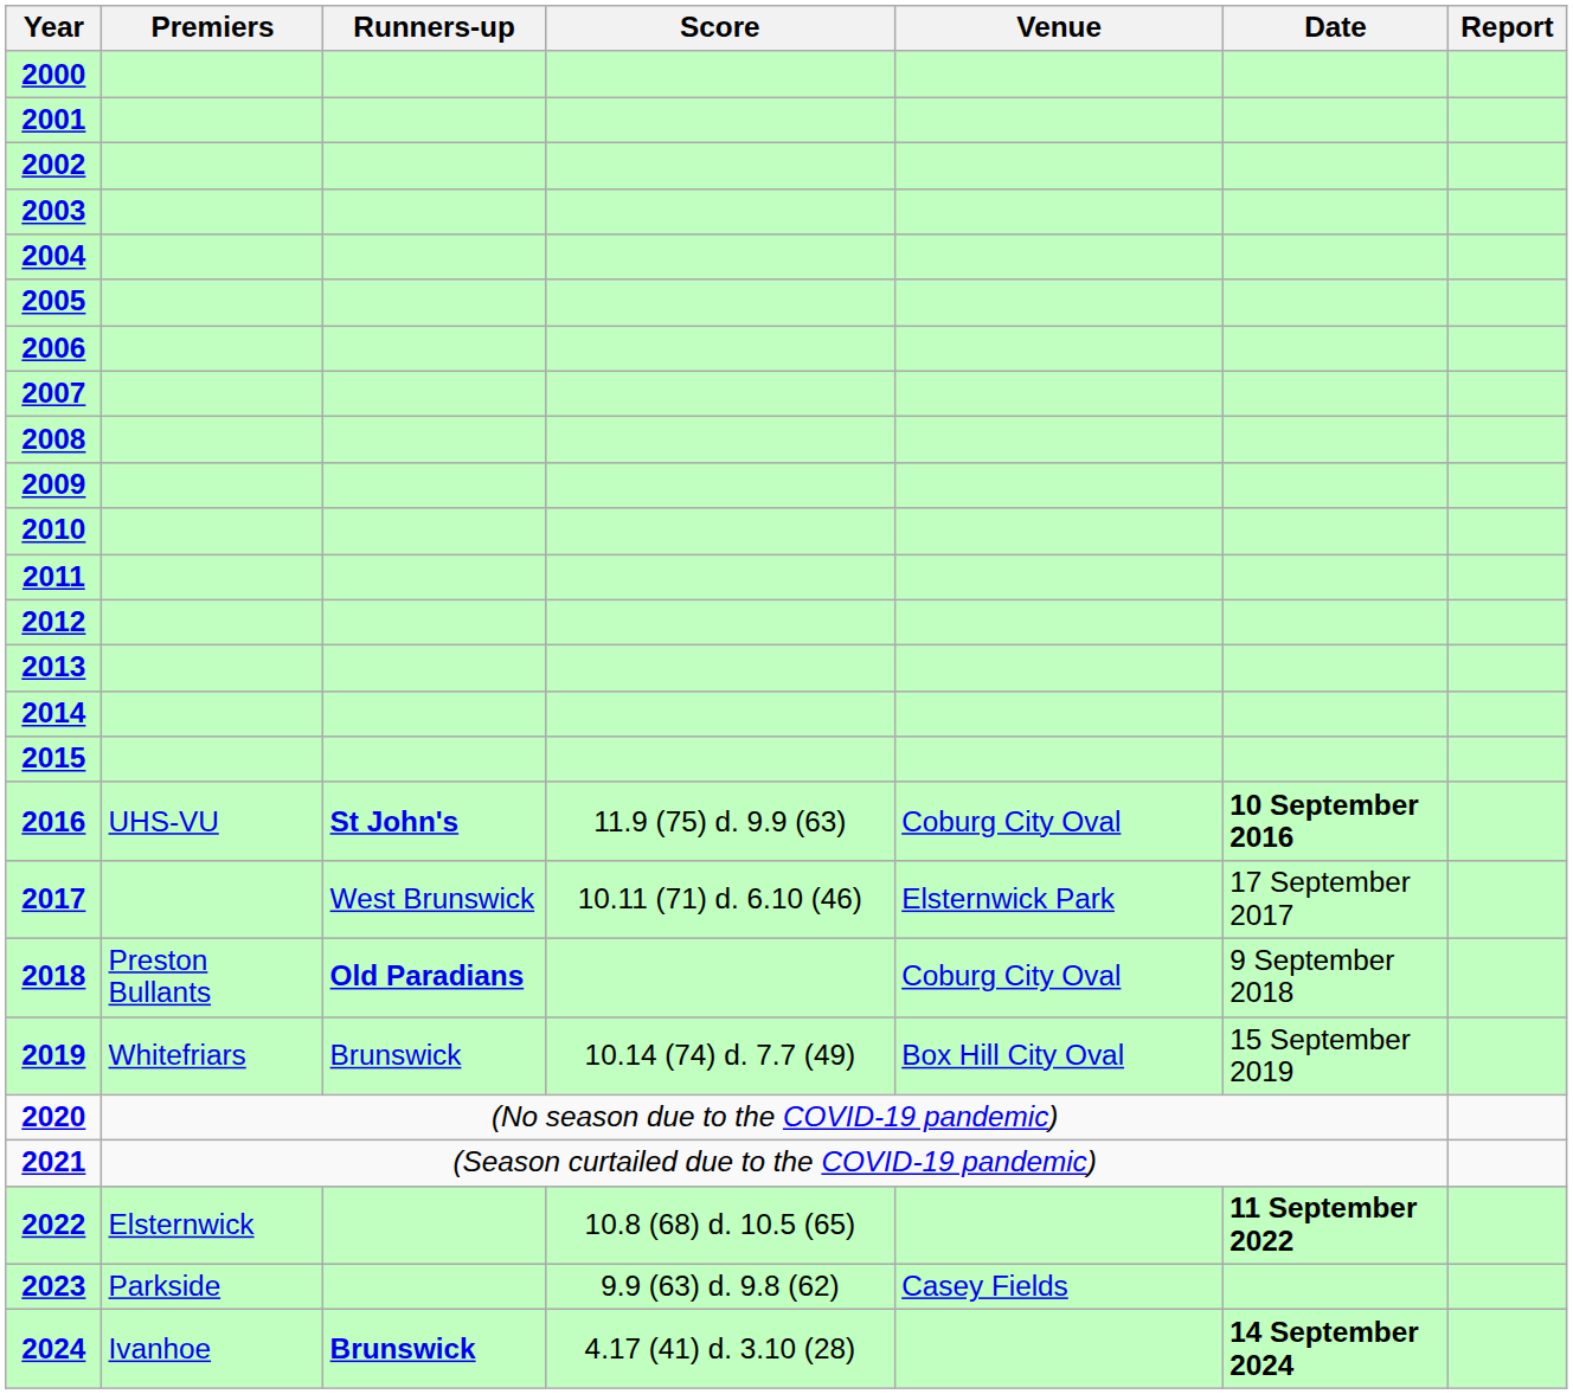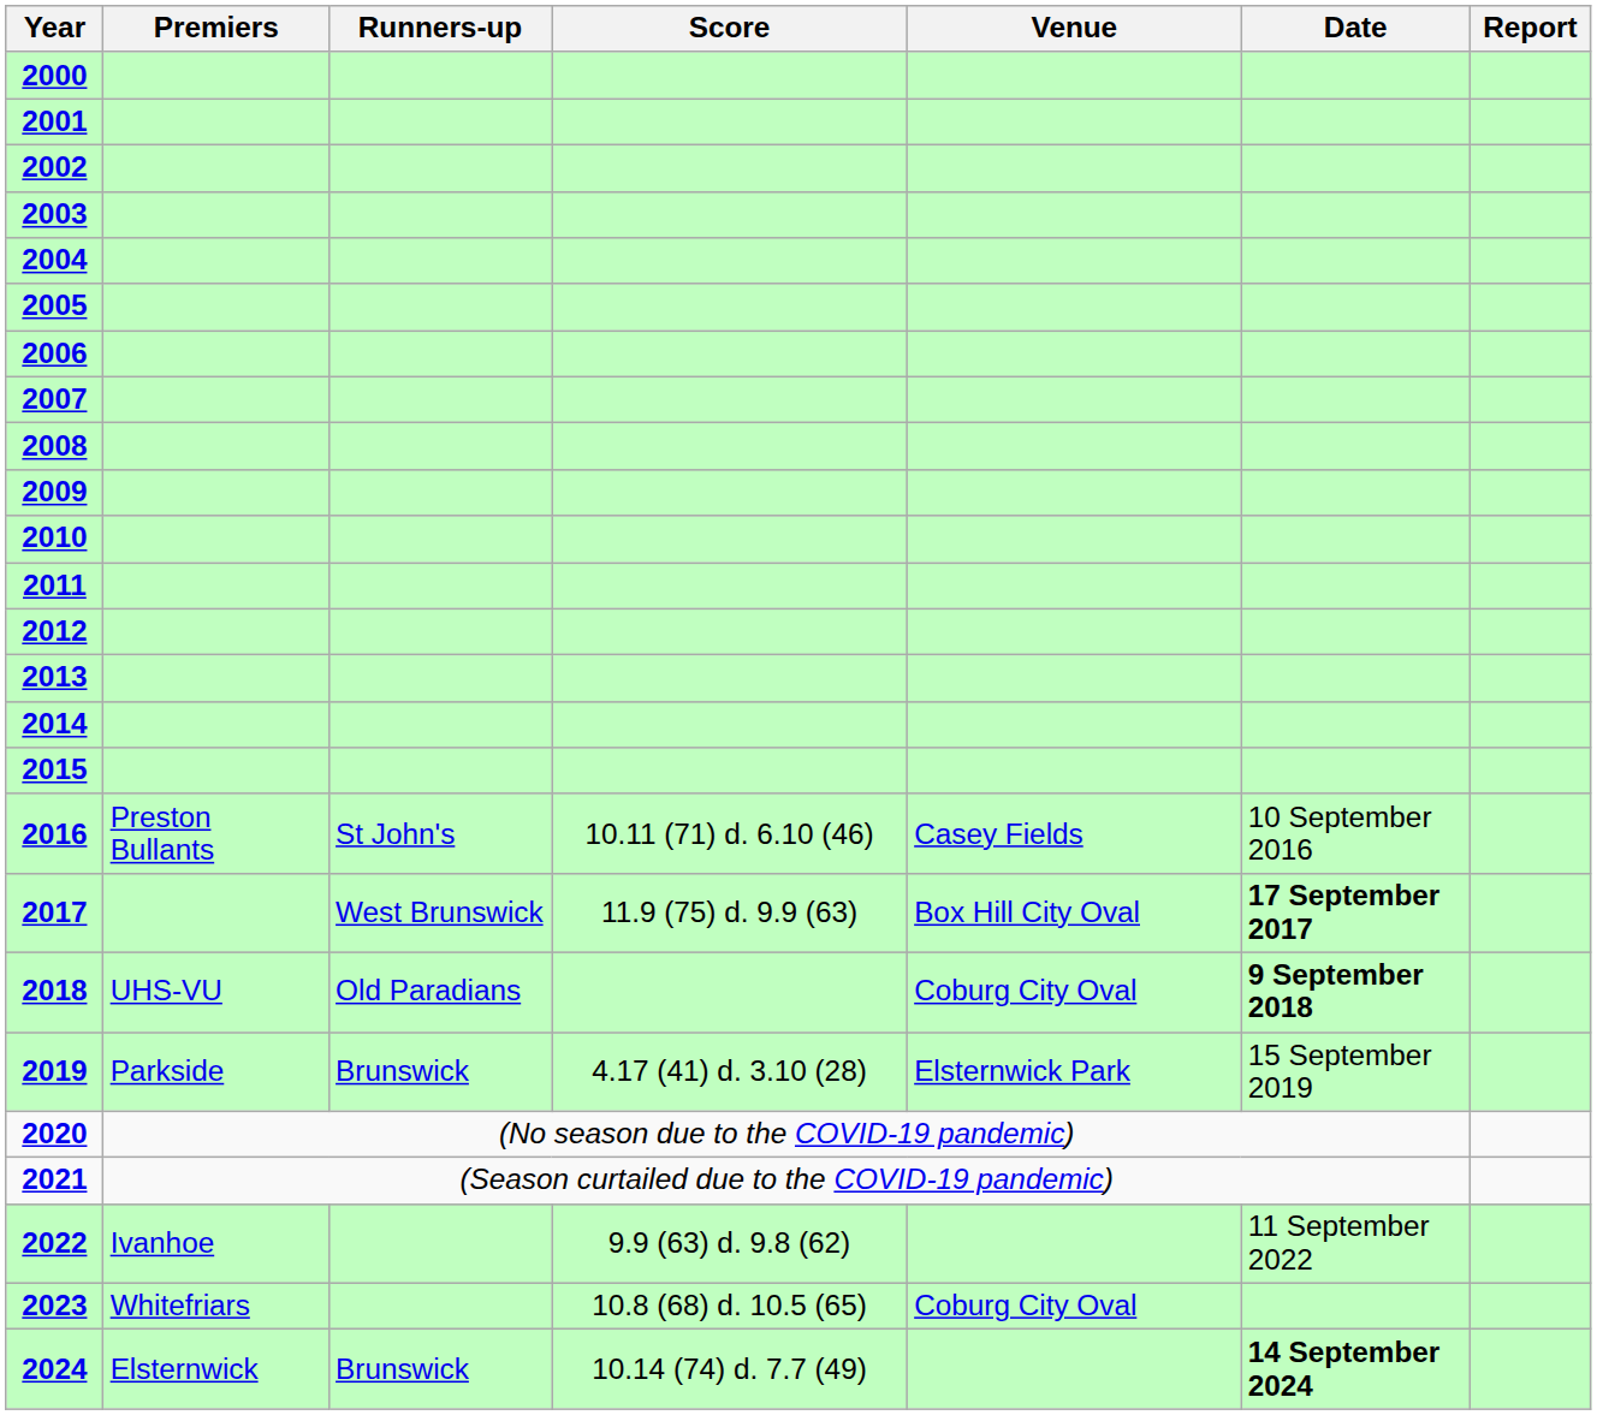 <table class="wikitable sortable" style="text-align:left; text-valign:center">
 <tr>
 <th width=3%>Year</th>
 <th width=10%>Premiers</th>
 <th width=10%>Runners-up</th>
 <th width=16%>Score</th>
 <th width=15%>Venue</th>
 <th width=10%; class=unsortable>Date</th>
 <th width=2%; class=unsortable>Report</th>
 </tr>
 <tr style="background:#C0FFC0;">
 <td align=center><strong><a href='#'>2000</a></strong></td>
 <td></td>
 <td></td>
 <td align=center></td>
 <td></td>
 <td></td>
 <td align=center></td>
 </tr>
 <tr style="background:#C0FFC0;">
 <td align=center><strong><a href='#'>2001</a></strong></td>
 <td></td>
 <td></td>
 <td align=center></td>
 <td></td>
 <td></td>
 <td align=center></td>
 </tr>
 <tr style="background:#C0FFC0;">
 <td align=center><strong><a href='#'>2002</a></strong></td>
 <td></td>
 <td></td>
 <td align=center></td>
 <td></td>
 <td></td>
 <td align=center></td>
 </tr>
 <tr style="background:#C0FFC0;">
 <td align=center><strong><a href='#'>2003</a></strong></td>
 <td></td>
 <td></td>
 <td align=center></td>
 <td></td>
 <td></td>
 <td align=center></td>
 </tr>
 <tr style="background:#C0FFC0;">
 <td align=center><strong><a href='#'>2004</a></strong></td>
 <td></td>
 <td></td>
 <td align=center></td>
 <td></td>
 <td></td>
 <td align=center></td>
 </tr>
 <tr style="background:#C0FFC0;">
 <td align=center><strong><a href='#'>2005</a></strong></td>
 <td></td>
 <td></td>
 <td align=center></td>
 <td></td>
 <td></td>
 <td align=center></td>
 </tr>
 <tr style="background:#C0FFC0;">
 <td align=center><strong><a href='#'>2006</a></strong></td>
 <td></td>
 <td></td>
 <td align=center></td>
 <td></td>
 <td></td>
 <td align=center></td>
 </tr>
 <tr style="background:#C0FFC0;">
 <td align=center><strong><a href='#'>2007</a></strong></td>
 <td></td>
 <td></td>
 <td align=center></td>
 <td></td>
 <td></td>
 <td align=center></td>
 </tr>
 <tr style="background:#C0FFC0;">
 <td align=center><strong><a href='#'>2008</a></strong></td>
 <td></td>
 <td></td>
 <td align=center></td>
 <td></td>
 <td></td>
 <td align=center></td>
 </tr>
 <tr style="background:#C0FFC0;">
 <td align=center><strong><a href='#'>2009</a></strong></td>
 <td></td>
 <td></td>
 <td align=center></td>
 <td></td>
 <td></td>
 <td align=center></td>
 </tr>
 <tr style="background:#C0FFC0;">
 <td align=center><strong><a href='#'>2010</a></strong></td>
 <td></td>
 <td></td>
 <td align=center></td>
 <td></td>
 <td></td>
 <td align=center></td>
 </tr>
 <tr style="background:#C0FFC0;">
 <td align=center><strong><a href='#'>2011</a></strong></td>
 <td></td>
 <td></td>
 <td align=center></td>
 <td></td>
 <td></td>
 <td align=center></td>
 </tr>
 <tr style="background:#C0FFC0;">
 <td align=center><strong><a href='#'>2012</a></strong></td>
 <td></td>
 <td></td>
 <td align=center></td>
 <td></td>
 <td></td>
 <td align=center></td>
 </tr>
 <tr style="background:#C0FFC0;">
 <td align=center><strong><a href='#'>2013</a></strong></td>
 <td></td>
 <td></td>
 <td align=center></td>
 <td></td>
 <td></td>
 <td align=center></td>
 </tr>
 <tr style="background:#C0FFC0;">
 <td align=center><strong><a href='#'>2014</a></strong></td>
 <td></td>
 <td></td>
 <td align=center></td>
 <td></td>
 <td></td>
 <td align=center></td>
 </tr>
 <tr style="background:#C0FFC0;">
 <td align=center><strong><a href='#'>2015</a></strong></td>
 <td></td>
 <td></td>
 <td align=center></td>
 <td></td>
 <td></td>
 <td align=center></td>
 </tr>
 <tr style="background:#C0FFC0;">
 <td align=center><strong><a href='#'>2016</a></strong></td>
-<td><a href='#'>UHS-VU</a></td>
-<td><strong><a href='#'>St John's</a></strong></td>
-<td align=center>11.9 (75) d. 9.9 (63)</td>
-<td><a href='#'>Coburg City Oval</a></td>
-<td><strong>10 September 2016</strong></td>
+<td><a href='#'>Preston Bullants</a> </td>
+<td><a href='#'>St John's</a></td>
+<td align=center>10.11 (71) d. 6.10 (46)</td>
+<td><a href='#'>Casey Fields</a></td>
+<td>10 September 2016</td>
 <td align=center></td>
 </tr>
 <tr style="background:#C0FFC0;">
 <td align=center><strong><a href='#'>2017</a></strong></td>
 <td></td>
 <td><a href='#'>West Brunswick</a></td>
-<td align=center>10.11 (71) d. 6.10 (46)</td>
-<td><a href='#'>Elsternwick Park</a></td>
-<td>17 September 2017</td>
+<td align=center>11.9 (75) d. 9.9 (63)</td>
+<td><a href='#'>Box Hill City Oval</a></td>
+<td><strong>17 September 2017</strong></td>
 <td align=center></td>
 </tr>
 <tr style="background:#C0FFC0;">
 <td align=center><strong><a href='#'>2018</a></strong></td>
-<td><a href='#'>Preston Bullants</a> </td>
-<td><strong><a href='#'>Old Paradians</a></strong></td>
+<td><a href='#'>UHS-VU</a></td>
+<td><a href='#'>Old Paradians</a></td>
 <td align=center></td>
 <td><a href='#'>Coburg City Oval</a></td>
-<td>9 September 2018</td>
+<td><strong>9 September 2018</strong></td>
 <td align=center></td>
 </tr>
 <tr style="background:#C0FFC0;">
 <td align=center><strong><a href='#'>2019</a></strong></td>
-<td><a href='#'>Whitefriars</a></td>
+<td><a href='#'>Parkside</a> </td>
 <td><a href='#'>Brunswick</a></td>
-<td align=center>10.14 (74) d. 7.7 (49)</td>
-<td><a href='#'>Box Hill City Oval</a></td>
+<td align=center>4.17 (41) d. 3.10 (28)</td>
+<td><a href='#'>Elsternwick Park</a></td>
 <td>15 September 2019</td>
 <td align=center></td>
 </tr>
 <tr>
 <td align=center><strong><a href='#'>2020</a></strong></td>
 <td colspan="5"; align="center"><em>(No season due to the <a href='#'>COVID-19 pandemic</a>)</em></td>
 <td align=center></td>
 </tr>
 <tr>
 <td align=center><strong><a href='#'>2021</a></strong></td>
 <td colspan="5"; align="center"><em>(Season curtailed due to the <a href='#'>COVID-19 pandemic</a>)</em></td>
 <td align=center></td>
 </tr>
 <tr style="background:#C0FFC0;">
 <td align=center><strong><a href='#'>2022</a></strong></td>
-<td><a href='#'>Elsternwick</a></td>
+<td><a href='#'>Ivanhoe</a></td>
 <td></td>
-<td align=center>10.8 (68) d. 10.5 (65)</td>
+<td align=center>9.9 (63) d. 9.8 (62)</td>
 <td></td>
-<td><strong>11 September 2022</strong></td>
+<td>11 September 2022</td>
 <td align=center></td>
 </tr>
 <tr style="background:#C0FFC0;">
 <td align=center><strong><a href='#'>2023</a></strong></td>
-<td><a href='#'>Parkside</a> </td>
+<td><a href='#'>Whitefriars</a></td>
 <td></td>
-<td align=center>9.9 (63) d. 9.8 (62)</td>
-<td><a href='#'>Casey Fields</a></td>
+<td align=center>10.8 (68) d. 10.5 (65)</td>
+<td><a href='#'>Coburg City Oval</a></td>
 <td></td>
 <td align=center></td>
 </tr>
 <tr style="background:#C0FFC0;">
 <td align=center><strong><a href='#'>2024</a></strong></td>
-<td><a href='#'>Ivanhoe</a></td>
-<td><strong><a href='#'>Brunswick</a></strong></td>
-<td align=center>4.17 (41) d. 3.10 (28)</td>
+<td><a href='#'>Elsternwick</a></td>
+<td><a href='#'>Brunswick</a></td>
+<td align=center>10.14 (74) d. 7.7 (49)</td>
 <td></td>
 <td><strong>14 September 2024</strong></td>
 <td align=center></td>
 </tr>
 </table>
